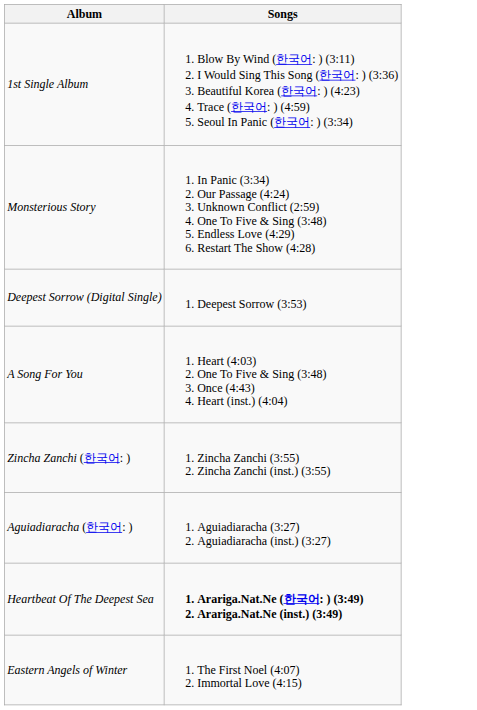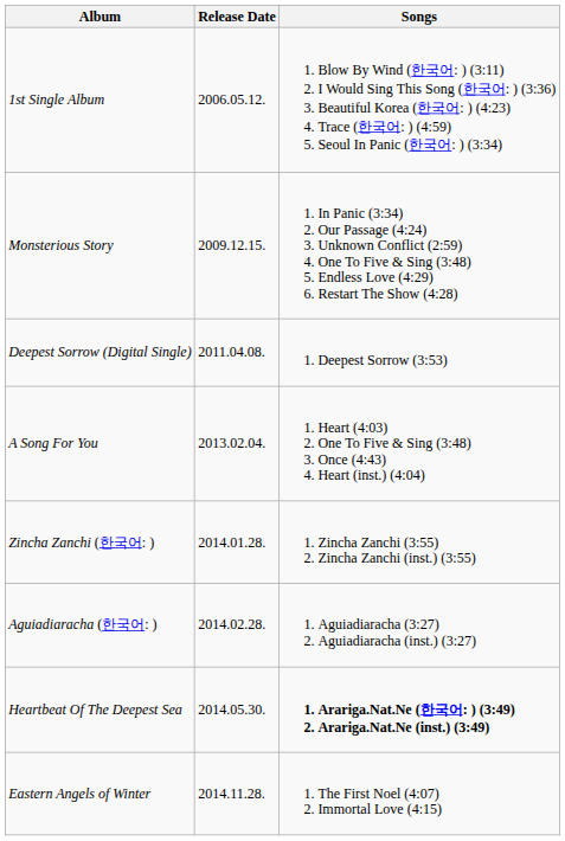 <table class="wikitable sortable">
 <tr>
 <th>Album</th>
+<th>Release Date</th>
 <th>Songs</th>
 </tr>
 <tr>
 <td><em>1st Single Album</em> </td>
+<td>2006.05.12.</td>
 <td><br><ol><li>Blow By Wind (<a href='#'>한국어</a>: ) (3:11)</li><li>I Would Sing This Song (<a href='#'>한국어</a>: ) (3:36)</li><li>Beautiful Korea (<a href='#'>한국어</a>: ) (4:23)</li><li>Trace (<a href='#'>한국어</a>: ) (4:59)</li><li>Seoul In Panic (<a href='#'>한국어</a>: ) (3:34)</li></ol></td>
 </tr>
 <tr>
 <td><em>Monsterious Story</em> </td>
+<td>2009.12.15.</td>
 <td><br><ol><li>In Panic (3:34)</li><li>Our Passage (4:24)</li><li>Unknown Conflict (2:59)</li><li>One To Five & Sing (3:48)</li><li>Endless Love (4:29)</li><li>Restart The Show (4:28)</li></ol></td>
 </tr>
 <tr>
 <td><em>Deepest Sorrow (Digital Single)</em> </td>
+<td>2011.04.08.</td>
 <td><br><ol><li>Deepest Sorrow (3:53)</li></ol></td>
 </tr>
 <tr>
 <td><em>A Song For You</em> </td>
+<td>2013.02.04.</td>
 <td><br><ol><li>Heart (4:03)</li><li>One To Five & Sing (3:48)</li><li>Once (4:43)</li><li>Heart (inst.) (4:04)</li></ol></td>
 </tr>
 <tr>
 <td><em>Zincha Zanchi</em> (<a href='#'>한국어</a>: ) </td>
+<td>2014.01.28.</td>
 <td><br><ol><li>Zincha  Zanchi  (3:55)</li><li>Zincha Zanchi (inst.) (3:55)</li></ol></td>
 </tr>
 <tr>
 <td><em>Aguiadiaracha</em> (<a href='#'>한국어</a>: ) </td>
+<td>2014.02.28.</td>
 <td><br><ol><li>Aguiadiaracha (3:27)</li><li>Aguiadiaracha (inst.) (3:27)</li></ol></td>
 </tr>
 <tr>
 <td><em>Heartbeat Of The Deepest Sea</em> </td>
+<td>2014.05.30.</td>
 <td><strong><br><ol><li>Arariga.Nat.Ne (<a href='#'>한국어</a>: ) (3:49)</li><li>Arariga.Nat.Ne (inst.) (3:49)</li></ol></strong></td>
 </tr>
 <tr>
 <td><em>Eastern Angels of Winter</em> </td>
+<td>2014.11.28.</td>
 <td><br><ol><li>The First Noel (4:07)</li><li>Immortal Love (4:15)</li></ol></td>
 </tr>
 </table>
